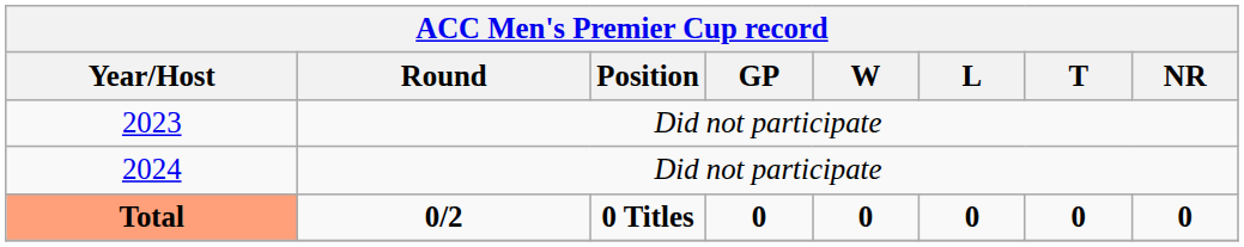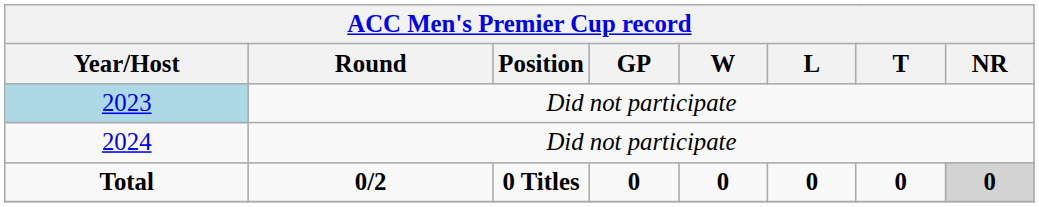 <table class="wikitable" style="text-align: center;">
 <tr>
 <th colspan=8><a href='#'>ACC Men's Premier Cup record</a></th>
 </tr>
 <tr>
 <th width=150>Year/Host</th>
 <th width=150>Round</th>
 <th width=50>Position</th>
 <th width=50>GP</th>
 <th width=50>W</th>
 <th width=50>L</th>
 <th width=50>T</th>
 <th width=50>NR</th>
 </tr>
 <tr>
-<td> <a href='#'>2023</a></td>
+<td style="background: lightblue;"> <a href='#'>2023</a></td>
 <td colspan="7" rowspan="1"><em>Did not participate</em></td>
 </tr>
 <tr>
 <td> <a href='#'>2024</a></td>
 <td colspan="7" rowspan="1"><em>Did not participate</em></td>
 </tr>
 <tr>
-<td style="background: lightsalmon;"><strong>Total</strong></td>
+<td><strong>Total</strong></td>
 <td><strong>0/2</strong></td>
 <td><strong>0 Titles</strong></td>
 <td><strong>0</strong></td>
 <td><strong>0</strong></td>
 <td><strong>0</strong></td>
 <td><strong>0</strong></td>
-<td><strong>0</strong></td>
+<td style="background: lightgrey;"><strong>0</strong></td>
 </tr>
 <tr>
 </tr>
 </table>
